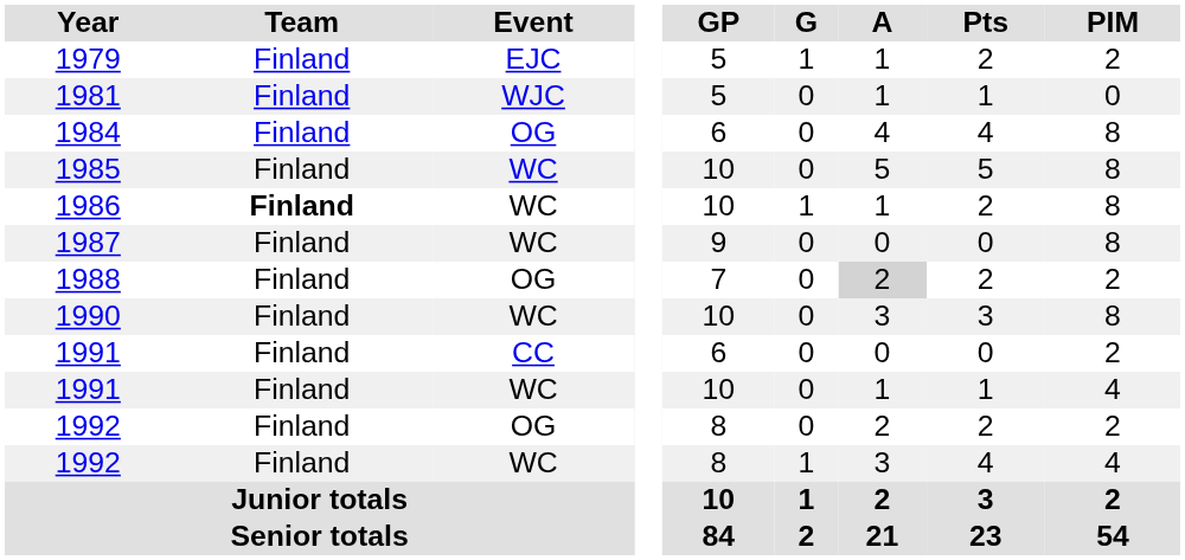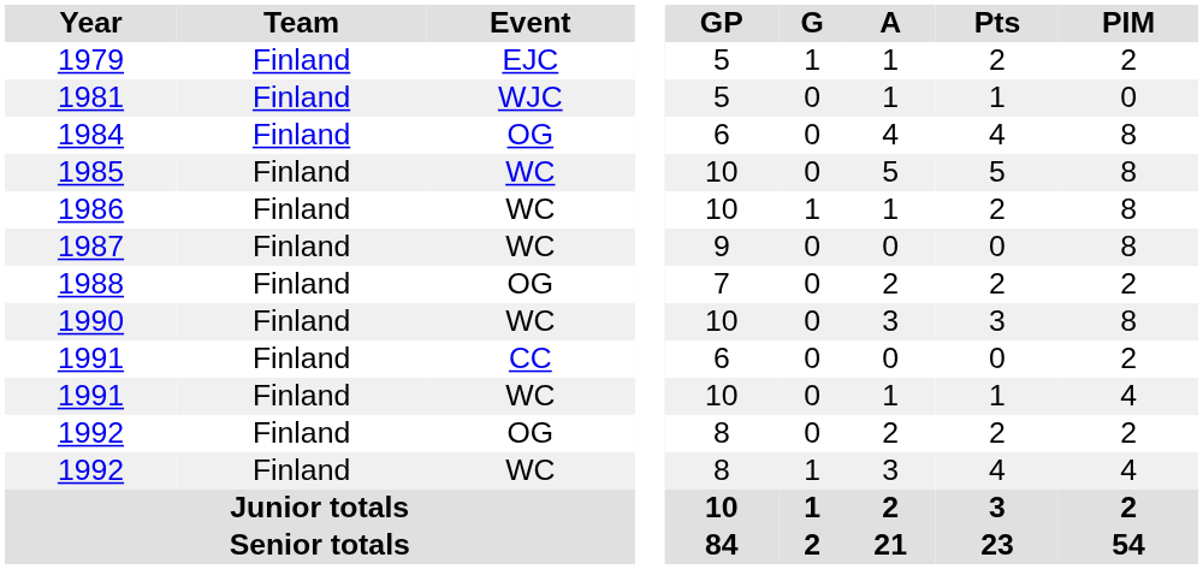 <table border="0" cellpadding="1" cellspacing="0" style="text-align:center; width:40em">
 <tr ALIGN="center" bgcolor="#e0e0e0">
 <th>Year</th>
 <th>Team</th>
 <th>Event</th>
 <th rowspan="99" bgcolor="#ffffff"> </th>
 <th>GP</th>
 <th>G</th>
 <th>A</th>
 <th>Pts</th>
 <th>PIM</th>
 </tr>
 <tr>
 <td><a href='#'>1979</a></td>
 <td><a href='#'>Finland</a></td>
 <td><a href='#'>EJC</a></td>
 <td>5</td>
 <td>1</td>
 <td>1</td>
 <td>2</td>
 <td>2</td>
 </tr>
 <tr bgcolor="#f0f0f0">
 <td><a href='#'>1981</a></td>
 <td><a href='#'>Finland</a></td>
 <td><a href='#'>WJC</a></td>
 <td>5</td>
 <td>0</td>
 <td>1</td>
 <td>1</td>
 <td>0</td>
 </tr>
 <tr>
 <td><a href='#'>1984</a></td>
 <td><a href='#'>Finland</a></td>
 <td><a href='#'>OG</a></td>
 <td>6</td>
 <td>0</td>
 <td>4</td>
 <td>4</td>
 <td>8</td>
 </tr>
 <tr bgcolor="#f0f0f0">
 <td><a href='#'>1985</a></td>
 <td>Finland</td>
 <td><a href='#'>WC</a></td>
 <td>10</td>
 <td>0</td>
 <td>5</td>
 <td>5</td>
 <td>8</td>
 </tr>
 <tr>
 <td><a href='#'>1986</a></td>
-<td><strong>Finland</strong></td>
+<td>Finland</td>
 <td>WC</td>
 <td>10</td>
 <td>1</td>
 <td>1</td>
 <td>2</td>
 <td>8</td>
 </tr>
 <tr bgcolor="#f0f0f0">
 <td><a href='#'>1987</a></td>
 <td>Finland</td>
 <td>WC</td>
 <td>9</td>
 <td>0</td>
 <td>0</td>
 <td>0</td>
 <td>8</td>
 </tr>
 <tr>
 <td><a href='#'>1988</a></td>
 <td>Finland</td>
 <td>OG</td>
 <td>7</td>
 <td>0</td>
-<td style="background: lightgrey;">2</td>
+<td>2</td>
 <td>2</td>
 <td>2</td>
 </tr>
 <tr bgcolor="#f0f0f0">
 <td><a href='#'>1990</a></td>
 <td>Finland</td>
 <td>WC</td>
 <td>10</td>
 <td>0</td>
 <td>3</td>
 <td>3</td>
 <td>8</td>
 </tr>
 <tr>
 <td><a href='#'>1991</a></td>
 <td>Finland</td>
 <td><a href='#'>CC</a></td>
 <td>6</td>
 <td>0</td>
 <td>0</td>
 <td>0</td>
 <td>2</td>
 </tr>
 <tr bgcolor="#f0f0f0">
 <td><a href='#'>1991</a></td>
 <td>Finland</td>
 <td>WC</td>
 <td>10</td>
 <td>0</td>
 <td>1</td>
 <td>1</td>
 <td>4</td>
 </tr>
 <tr>
 <td><a href='#'>1992</a></td>
 <td>Finland</td>
 <td>OG</td>
 <td>8</td>
 <td>0</td>
 <td>2</td>
 <td>2</td>
 <td>2</td>
 </tr>
 <tr bgcolor="#f0f0f0">
 <td><a href='#'>1992</a></td>
 <td>Finland</td>
 <td>WC</td>
 <td>8</td>
 <td>1</td>
 <td>3</td>
 <td>4</td>
 <td>4</td>
 </tr>
 <tr bgcolor="#e0e0e0">
 <th colspan=3>Junior totals</th>
 <th>10</th>
 <th>1</th>
 <th>2</th>
 <th>3</th>
 <th>2</th>
 </tr>
 <tr bgcolor="#e0e0e0">
 <th colspan=3>Senior totals</th>
 <th>84</th>
 <th>2</th>
 <th>21</th>
 <th>23</th>
 <th>54</th>
 </tr>
 </table>
